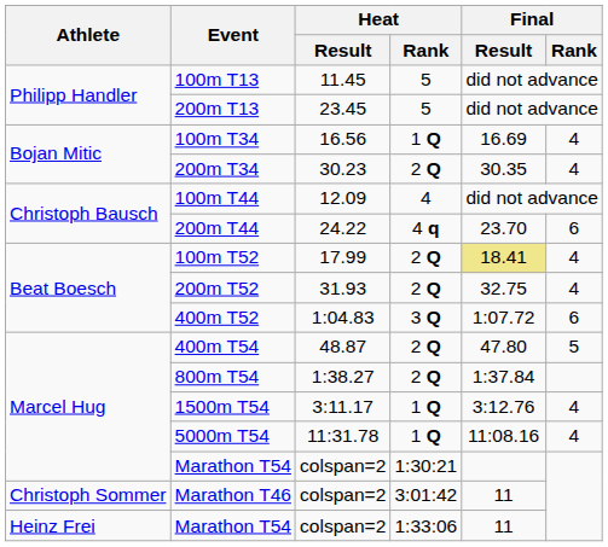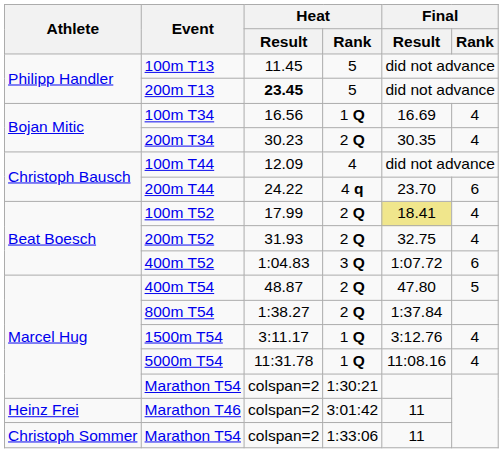 <table class="wikitable">
 <tr>
 <th rowspan="2">Athlete</th>
 <th rowspan="2">Event</th>
 <th colspan="2">Heat</th>
 <th colspan="2">Final</th>
 </tr>
 <tr>
 <th>Result</th>
 <th>Rank</th>
 <th>Result</th>
 <th>Rank</th>
 </tr>
 <tr align=center>
 <td align=left rowspan=2><a href='#'>Philipp Handler</a></td>
 <td align=left><a href='#'>100m T13</a></td>
 <td>11.45</td>
 <td>5</td>
 <td colspan=2>did not advance</td>
 </tr>
 <tr align=center>
 <td align=left><a href='#'>200m T13</a></td>
-<td>23.45</td>
+<td><strong>23.45</strong></td>
 <td>5</td>
 <td colspan=2>did not advance</td>
 </tr>
 <tr align=center>
 <td align=left rowspan=2><a href='#'>Bojan Mitic</a></td>
 <td align=left><a href='#'>100m T34</a></td>
 <td>16.56</td>
 <td>1 <strong>Q</strong></td>
 <td>16.69</td>
 <td>4</td>
 </tr>
 <tr align=center>
 <td align=left><a href='#'>200m T34</a></td>
 <td>30.23</td>
 <td>2 <strong>Q</strong></td>
 <td>30.35</td>
 <td>4</td>
 </tr>
 <tr align=center>
 <td align=left rowspan=2><a href='#'>Christoph Bausch</a></td>
 <td align=left><a href='#'>100m T44</a></td>
 <td>12.09</td>
 <td>4</td>
 <td colspan=2>did not advance</td>
 </tr>
 <tr align=center>
 <td align=left><a href='#'>200m T44</a></td>
 <td>24.22</td>
 <td>4 <strong>q</strong></td>
 <td>23.70</td>
 <td>6</td>
 </tr>
 <tr align=center>
 <td align=left rowspan=3><a href='#'>Beat Boesch</a></td>
 <td align=left><a href='#'>100m T52</a></td>
 <td>17.99</td>
 <td>2 <strong>Q</strong></td>
 <td style="background: khaki;">18.41</td>
 <td>4</td>
 </tr>
 <tr align=center>
 <td align=left><a href='#'>200m T52</a></td>
 <td>31.93</td>
 <td>2 <strong>Q</strong></td>
 <td>32.75</td>
 <td>4</td>
 </tr>
 <tr align=center>
 <td align=left><a href='#'>400m T52</a></td>
 <td>1:04.83</td>
 <td>3 <strong>Q</strong></td>
 <td>1:07.72</td>
 <td>6</td>
 </tr>
 <tr align=center>
 <td align=left rowspan=5><a href='#'>Marcel Hug</a></td>
 <td align=left><a href='#'>400m T54</a></td>
 <td>48.87</td>
 <td>2 <strong>Q</strong></td>
 <td>47.80</td>
 <td>5</td>
 </tr>
 <tr align=center>
 <td align=left><a href='#'>800m T54</a></td>
 <td>1:38.27</td>
 <td>2 <strong>Q</strong></td>
 <td>1:37.84</td>
 <td></td>
 </tr>
 <tr align=center>
 <td align=left><a href='#'>1500m T54</a></td>
 <td>3:11.17</td>
 <td>1 <strong>Q</strong></td>
 <td>3:12.76</td>
 <td>4</td>
 </tr>
 <tr align=center>
 <td align=left><a href='#'>5000m T54</a></td>
 <td>11:31.78</td>
 <td>1 <strong>Q</strong></td>
 <td>11:08.16</td>
 <td>4</td>
 </tr>
 <tr align=center>
 <td align=left><a href='#'>Marathon T54</a></td>
 <td>colspan=2 </td>
 <td>1:30:21</td>
 <td></td>
 </tr>
 <tr align=center>
-<td align=left><a href='#'>Christoph Sommer</a></td>
+<td align=left><a href='#'>Heinz Frei</a></td>
 <td align=left><a href='#'>Marathon T46</a></td>
 <td>colspan=2 </td>
 <td>3:01:42</td>
 <td>11</td>
 </tr>
 <tr align=center>
-<td align=left><a href='#'>Heinz Frei</a></td>
+<td align=left><a href='#'>Christoph Sommer</a></td>
 <td align=left><a href='#'>Marathon T54</a></td>
 <td>colspan=2 </td>
 <td>1:33:06</td>
 <td>11</td>
 </tr>
 </table>
